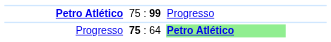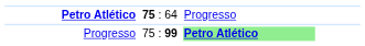 <table style="text-align:center" width=500>
 <tr>
 <th width=30%></th>
 <th width=10%></th>
 <th width=30%></th>
 <th width=10%></th>
 </tr>
 <tr align="left" bgcolor=#D0E7FF>
 <td colspan=4></td>
 </tr>
 <tr>
 <td align="right"><strong><a href='#'>Petro Atlético</a></strong></td>
-<td>75 : <strong>99</strong></td>
+<td><strong>75</strong> : 64</td>
 <td align=left><a href='#'>Progresso</a></td>
 </tr>
 <tr align="left" bgcolor=#D0E7FF>
 <td colspan=4></td>
 </tr>
 <tr>
 <td align="right"><a href='#'>Progresso</a></td>
-<td><strong>75</strong> : 64</td>
+<td>75 : <strong>99</strong></td>
 <td align=left style="background: lightgreen;"><strong><a href='#'>Petro Atlético</a></strong></td>
 </tr>
 </table>
